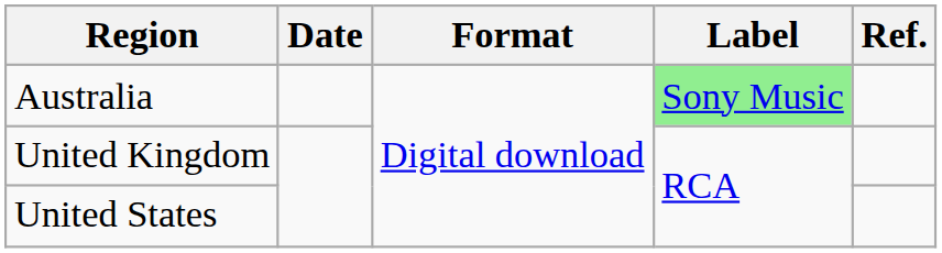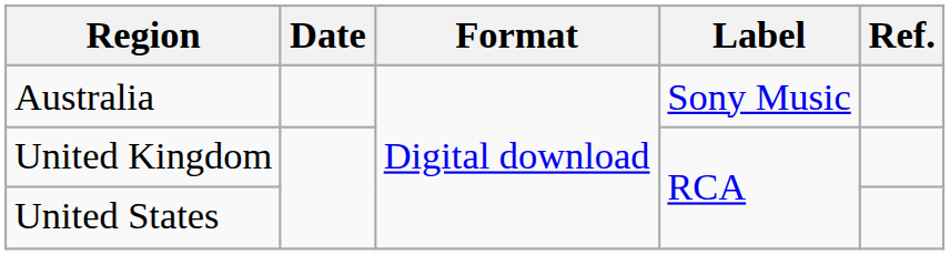 <table class="wikitable">
 <tr>
 <th>Region</th>
 <th>Date</th>
 <th>Format</th>
 <th>Label</th>
 <th>Ref.</th>
 </tr>
 <tr>
 <td>Australia</td>
 <td></td>
 <td rowspan="3"><a href='#'>Digital download</a></td>
-<td style="background: lightgreen;"><a href='#'>Sony Music</a></td>
+<td><a href='#'>Sony Music</a></td>
 <td></td>
 </tr>
 <tr>
 <td>United Kingdom</td>
 <td rowspan="2"></td>
 <td rowspan="2"><a href='#'>RCA</a></td>
 <td></td>
 </tr>
 <tr>
 <td>United States</td>
 <td></td>
 </tr>
 </table>
